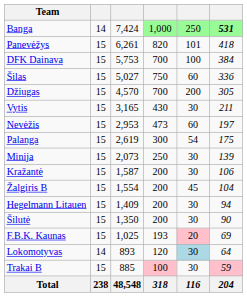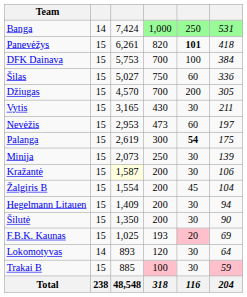 <table class="wikitable sortable" style="float:left; margin-right:0.5em;">
 <tr>
 <th width=130>Team</th>
 <th></th>
 <th width=45></th>
 <th width=45></th>
 <th width=45></th>
 <th width=45></th>
 </tr>
 <tr>
 <td><a href='#'>Banga</a></td>
 <td align=center>14</td>
 <td align=center>7,424</td>
 <td align=center bgcolor="#98FB98">1,000</td>
 <td align=center bgcolor="#98FB98">250</td>
-<td align=center bgcolor="#98FB98"><strong><em>531</em></strong></td>
+<td align=center bgcolor="#98FB98"><em>531</em></td>
 </tr>
 <tr>
 <td><a href='#'>Panevėžys</a></td>
 <td align=center>15</td>
 <td align=center>6,261</td>
 <td align=center>820</td>
-<td align=center>101</td>
+<td align=center><strong>101</strong></td>
 <td align=center><em>418</em></td>
 </tr>
 <tr>
 <td><a href='#'>DFK Dainava</a></td>
 <td align=center>15</td>
 <td align=center>5,753</td>
 <td align=center>700</td>
 <td align=center>100</td>
 <td align=center><em>384</em></td>
 </tr>
 <tr>
 <td><a href='#'>Šilas</a></td>
 <td align=center>15</td>
 <td align=center>5,027</td>
 <td align=center>750</td>
 <td align=center>60</td>
 <td align=center><em>336</em></td>
 </tr>
 <tr>
 <td><a href='#'>Džiugas</a></td>
 <td align=center>15</td>
 <td align=center>4,570</td>
 <td align=center>700</td>
 <td align=center>200</td>
 <td align=center><em>305</em></td>
 </tr>
 <tr>
 <td><a href='#'>Vytis</a></td>
 <td align=center>15</td>
 <td align=center>3,165</td>
 <td align=center>430</td>
 <td align=center>30</td>
 <td align=center><em>211</em></td>
 </tr>
 <tr>
 <td><a href='#'>Nevėžis</a></td>
 <td align=center>15</td>
 <td align=center>2,953</td>
 <td align=center>473</td>
 <td align=center>60</td>
 <td align=center><em>197</em></td>
 </tr>
 <tr>
 <td><a href='#'>Palanga</a></td>
 <td align=center>15</td>
 <td align=center>2,619</td>
 <td align=center>300</td>
-<td align=center>54</td>
+<td align=center><strong>54</strong></td>
 <td align=center><em>175</em></td>
 </tr>
 <tr>
 <td><a href='#'>Minija</a></td>
 <td align=center>15</td>
 <td align=center>2,073</td>
 <td align=center>250</td>
 <td align=center>30</td>
 <td align=center><em>139</em></td>
 </tr>
 <tr>
 <td><a href='#'>Kražantė</a></td>
 <td align=center>15</td>
-<td align=center>1,587</td>
+<td align=center style="background: lightyellow;">1,587</td>
 <td align=center>200</td>
 <td align=center>30</td>
 <td align=center><em>106</em></td>
 </tr>
 <tr>
 <td><a href='#'>Žalgiris B</a></td>
 <td align=center>15</td>
 <td align=center>1,554</td>
 <td align=center>200</td>
 <td align=center>45</td>
 <td align=center><em>104</em></td>
 </tr>
 <tr>
 <td><a href='#'>Hegelmann Litauen</a></td>
 <td align=center>15</td>
 <td align=center>1,409</td>
 <td align=center>200</td>
 <td align=center>30</td>
 <td align=center><em>94</em></td>
 </tr>
 <tr>
 <td><a href='#'>Šilutė</a></td>
 <td align=center>15</td>
 <td align=center>1,350</td>
 <td align=center>200</td>
 <td align=center>30</td>
 <td align=center><em>90</em></td>
 </tr>
 <tr>
 <td><a href='#'>F.B.K. Kaunas</a></td>
 <td align=center>15</td>
 <td align=center>1,025</td>
 <td align=center>193</td>
 <td align=center bgcolor="#FFC0CB">20</td>
 <td align=center><em>69</em></td>
 </tr>
 <tr>
 <td><a href='#'>Lokomotyvas</a></td>
 <td align=center>14</td>
 <td align=center>893</td>
 <td align=center>120</td>
-<td align=center style="background: lightblue;">30</td>
+<td align=center>30</td>
 <td align=center><em>64</em></td>
 </tr>
 <tr>
 <td><a href='#'>Trakai B</a></td>
 <td align=center>15</td>
 <td align=center>885</td>
 <td align=center bgcolor="#FFC0CB">100</td>
 <td align=center>30</td>
 <td align=center bgcolor="#FFC0CB"><em>59</em></td>
 </tr>
 <tr>
 <th>Total</th>
 <th align=center>238</th>
 <th align=center>48,548</th>
 <th align=center><em>318</em></th>
 <th align=center><em>116</em></th>
 <th align=center><em>204</em></th>
 </tr>
 </table>
